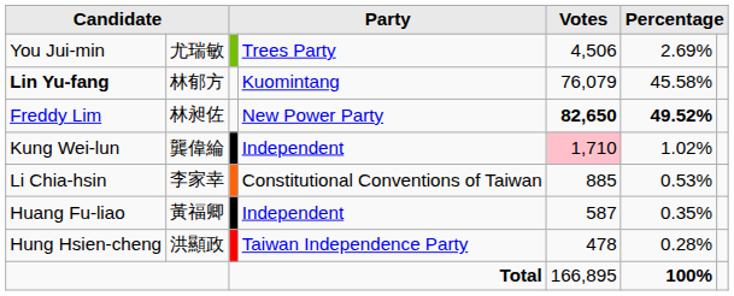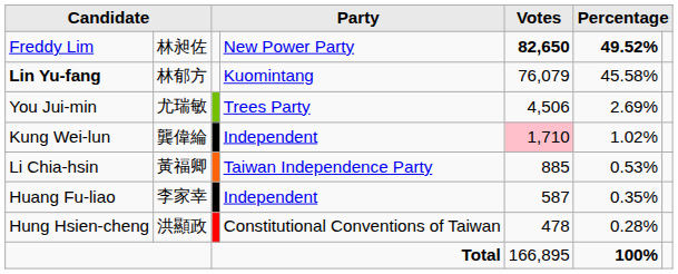 <table class="wikitable" style="margin:1em auto;">
 <tr>
 <th style="background-color:#E9E9E9;text-align:center;" colspan=2>Candidate</th>
 <th style="background-color:#E9E9E9;text-align:center;" colspan=2>Party</th>
 <th style="background-color:#E9E9E9;text-align:center;">Votes</th>
 <th style="background-color:#E9E9E9;text-align:center;" colspan=2>Percentage</th>
 </tr>
 <tr>
-<td style="text-align:left;">You Jui-min</td>
-<td>尤瑞敏</td>
-<td style="background-color:#73BF00"></td>
-<td style="text-align:left;"><a href='#'>Trees Party</a></td>
-<td style="text-align:right;">4,506</td>
-<td style="text-align:right;">2.69%</td>
+<td style="text-align:left;"><a href='#'>Freddy Lim</a></td>
+<td>林昶佐</td>
+<td style="background-color:"></td>
+<td style="text-align:left;"><a href='#'>New Power Party</a></td>
+<td style="text-align:right;"><strong>82,650</strong></td>
+<td style="text-align:right;"><strong>49.52%</strong></td>
 <td></td>
 </tr>
 <tr>
 <td style="text-align:left;"><strong>Lin Yu-fang</strong></td>
 <td>林郁方</td>
 <td style="background-color:"></td>
 <td style="text-align:left;"><a href='#'>Kuomintang</a></td>
 <td style="text-align:right;">76,079</td>
 <td style="text-align:right;">45.58%</td>
 <td></td>
 </tr>
 <tr>
-<td style="text-align:left;"><a href='#'>Freddy Lim</a></td>
-<td>林昶佐</td>
-<td style="background-color:"></td>
-<td style="text-align:left;"><a href='#'>New Power Party</a></td>
-<td style="text-align:right;"><strong>82,650</strong></td>
-<td style="text-align:right;"><strong>49.52%</strong></td>
+<td style="text-align:left;">You Jui-min</td>
+<td>尤瑞敏</td>
+<td style="background-color:#73BF00"></td>
+<td style="text-align:left;"><a href='#'>Trees Party</a></td>
+<td style="text-align:right;">4,506</td>
+<td style="text-align:right;">2.69%</td>
 <td></td>
 </tr>
 <tr>
 <td style="text-align:left;">Kung Wei-lun</td>
 <td>龔偉綸</td>
 <td style="background-color:black"></td>
 <td style="text-align:left;"><a href='#'>Independent</a></td>
 <td style="background: pink; text-align:right;">1,710</td>
 <td style="text-align:right;">1.02%</td>
 <td></td>
 </tr>
 <tr>
 <td style="text-align:left;">Li Chia-hsin</td>
-<td>李家幸</td>
+<td>黃福卿</td>
 <td style="background-color:#FE6407"></td>
-<td style="text-align:left;">Constitutional Conventions of Taiwan</td>
+<td style="text-align:left;"><a href='#'>Taiwan Independence Party</a></td>
 <td style="text-align:right;">885</td>
 <td style="text-align:right;">0.53%</td>
 <td></td>
 </tr>
 <tr>
 <td style="text-align:left;">Huang Fu-liao</td>
-<td>黃福卿</td>
+<td>李家幸</td>
 <td style="background-color:black"></td>
 <td style="text-align:left;"><a href='#'>Independent</a></td>
 <td style="text-align:right;">587</td>
 <td style="text-align:right;">0.35%</td>
 <td></td>
 </tr>
 <tr>
 <td style="text-align:left;">Hung Hsien-cheng</td>
 <td>洪顯政</td>
 <td style="background-color:red"></td>
-<td style="text-align:left;"><a href='#'>Taiwan Independence Party</a></td>
+<td style="text-align:left;">Constitutional Conventions of Taiwan</td>
 <td style="text-align:right;">478</td>
 <td style="text-align:right;">0.28%</td>
 <td></td>
 </tr>
 <tr>
 <td colspan=2><small></small></td>
 <td colspan="2" style="text-align:right;"><strong>Total</strong></td>
 <td style="text-align:right;">166,895</td>
 <td style="text-align:right;"><strong>100%</strong></td>
 <td></td>
 </tr>
 </table>
